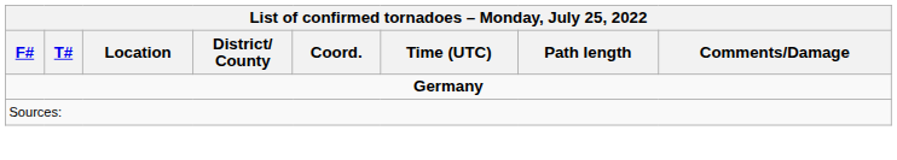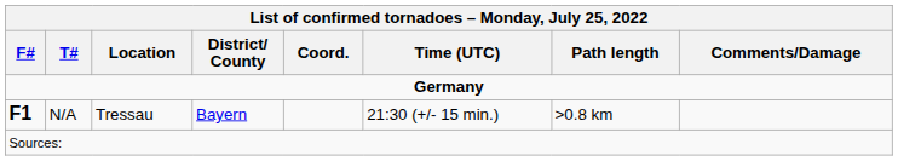 <table class="wikitable collapsible" width="100%">
 <tr>
 <th colspan="8">List of confirmed tornadoes – Monday, July 25, 2022</th>
 </tr>
 <tr>
 <th><a href='#'>F#</a></th>
 <th><a href='#'>T#</a></th>
 <th>Location</th>
 <th>District/<br>County</th>
 <th>Coord.</th>
 <th>Time (UTC)</th>
 <th>Path length</th>
 <th>Comments/Damage</th>
 </tr>
 <tr>
 <td colspan="8" align=center><strong>Germany</strong></td>
 </tr>
 <tr>
+<td><big><strong>F1</strong></big></td>
+<td>N/A</td>
+<td>Tressau</td>
+<td><a href='#'>Bayern</a></td>
+<td></td>
+<td>21:30 (+/- 15 min.)</td>
+<td>>0.8 km</td>
+<td></td>
+</tr>
+<tr>
 <td colspan="8"><small>Sources:  </small></td>
 </tr>
 </table>
